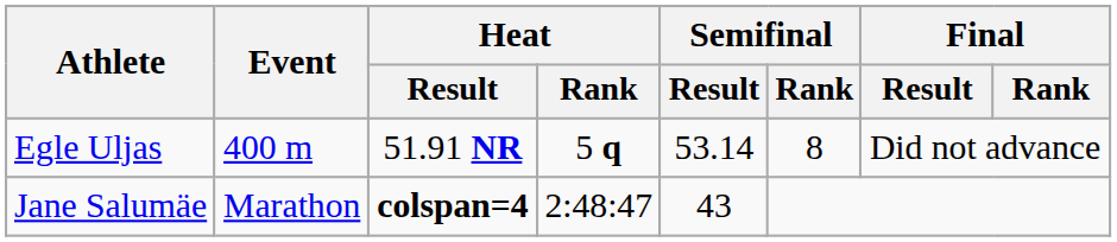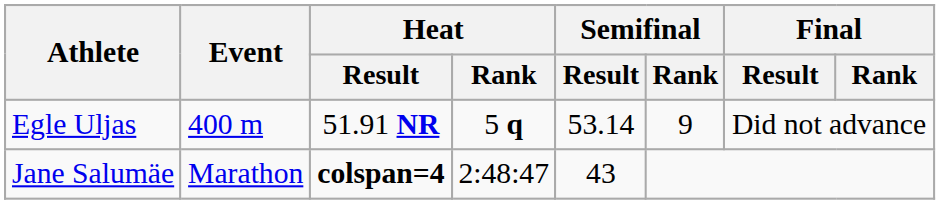 <table class="wikitable" style="font-size:90%;">
 <tr>
 <th rowspan="2">Athlete</th>
 <th rowspan="2">Event</th>
 <th colspan="2">Heat</th>
 <th colspan="2">Semifinal</th>
 <th colspan="2">Final</th>
 </tr>
 <tr style="font-size:95%">
 <th>Result</th>
 <th>Rank</th>
 <th>Result</th>
 <th>Rank</th>
 <th>Result</th>
 <th>Rank</th>
 </tr>
 <tr align=center>
 <td align=left><a href='#'>Egle Uljas</a></td>
 <td align=left><a href='#'>400 m</a></td>
 <td>51.91 <strong><a href='#'>NR</a></strong></td>
 <td>5 <strong>q</strong></td>
 <td>53.14</td>
-<td>8</td>
+<td>9</td>
 <td colspan=2>Did not advance</td>
 </tr>
 <tr align=center>
 <td align=left><a href='#'>Jane Salumäe</a></td>
 <td align=left><a href='#'>Marathon</a></td>
 <td><strong>colspan=4 </strong></td>
 <td>2:48:47</td>
 <td>43</td>
 </tr>
 </table>
